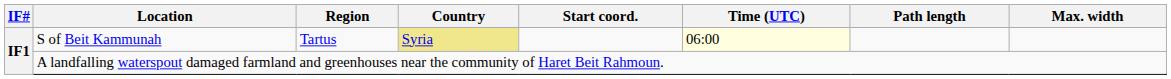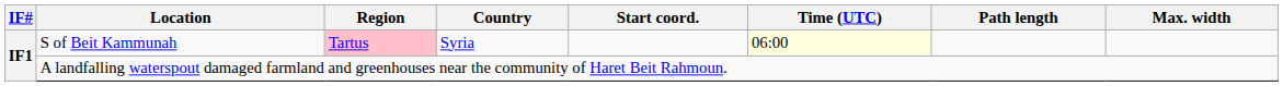 <table class="wikitable sortable" style="width:100%;">
 <tr>
 <th scope="col" width="2%" align="center"><a href='#'>IF#</a></th>
 <th scope="col" align="center" class="unsortable">Location</th>
 <th scope="col" align="center" class="unsortable">Region</th>
 <th scope="col" align="center">Country</th>
 <th scope="col" align="center">Start coord.</th>
 <th scope="col" align="center">Time (<a href='#'>UTC</a>)</th>
 <th scope="col" align="center">Path length</th>
 <th scope="col" align="center">Max. width</th>
 </tr>
 <tr>
 <th scope="row" rowspan="2" style="background-color:#">IF1</th>
 <td>S of <a href='#'>Beit Kammunah</a></td>
-<td><a href='#'>Tartus</a></td>
-<td style="background: khaki;"><a href='#'>Syria</a></td>
+<td style="background: pink;"><a href='#'>Tartus</a></td>
+<td><a href='#'>Syria</a></td>
 <td></td>
 <td style="background: lightyellow;">06:00</td>
 <td></td>
 <td></td>
 </tr>
 <tr class="expand-child">
 <td colspan="8" style=" border-bottom: 1px solid black;">A landfalling <a href='#'>waterspout</a> damaged farmland and greenhouses near the community of <a href='#'>Haret Beit Rahmoun</a>.</td>
 </tr>
 </table>
